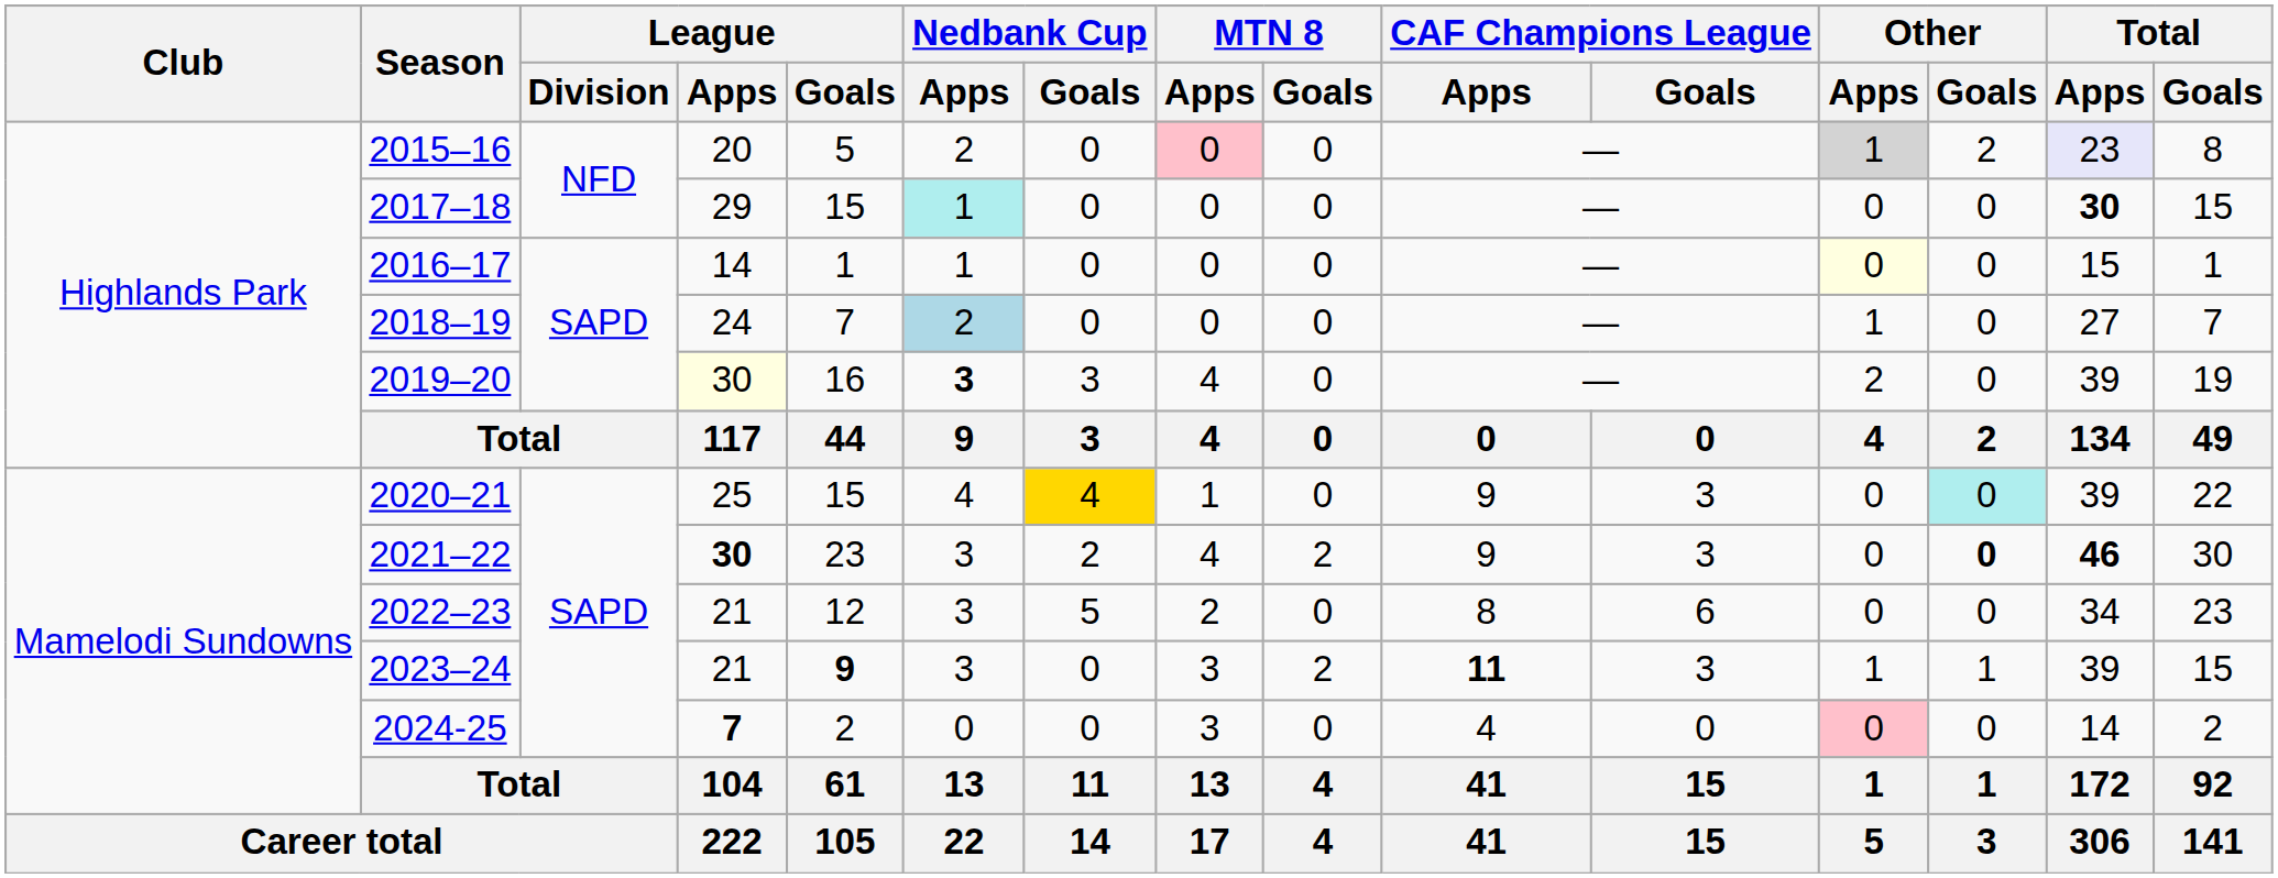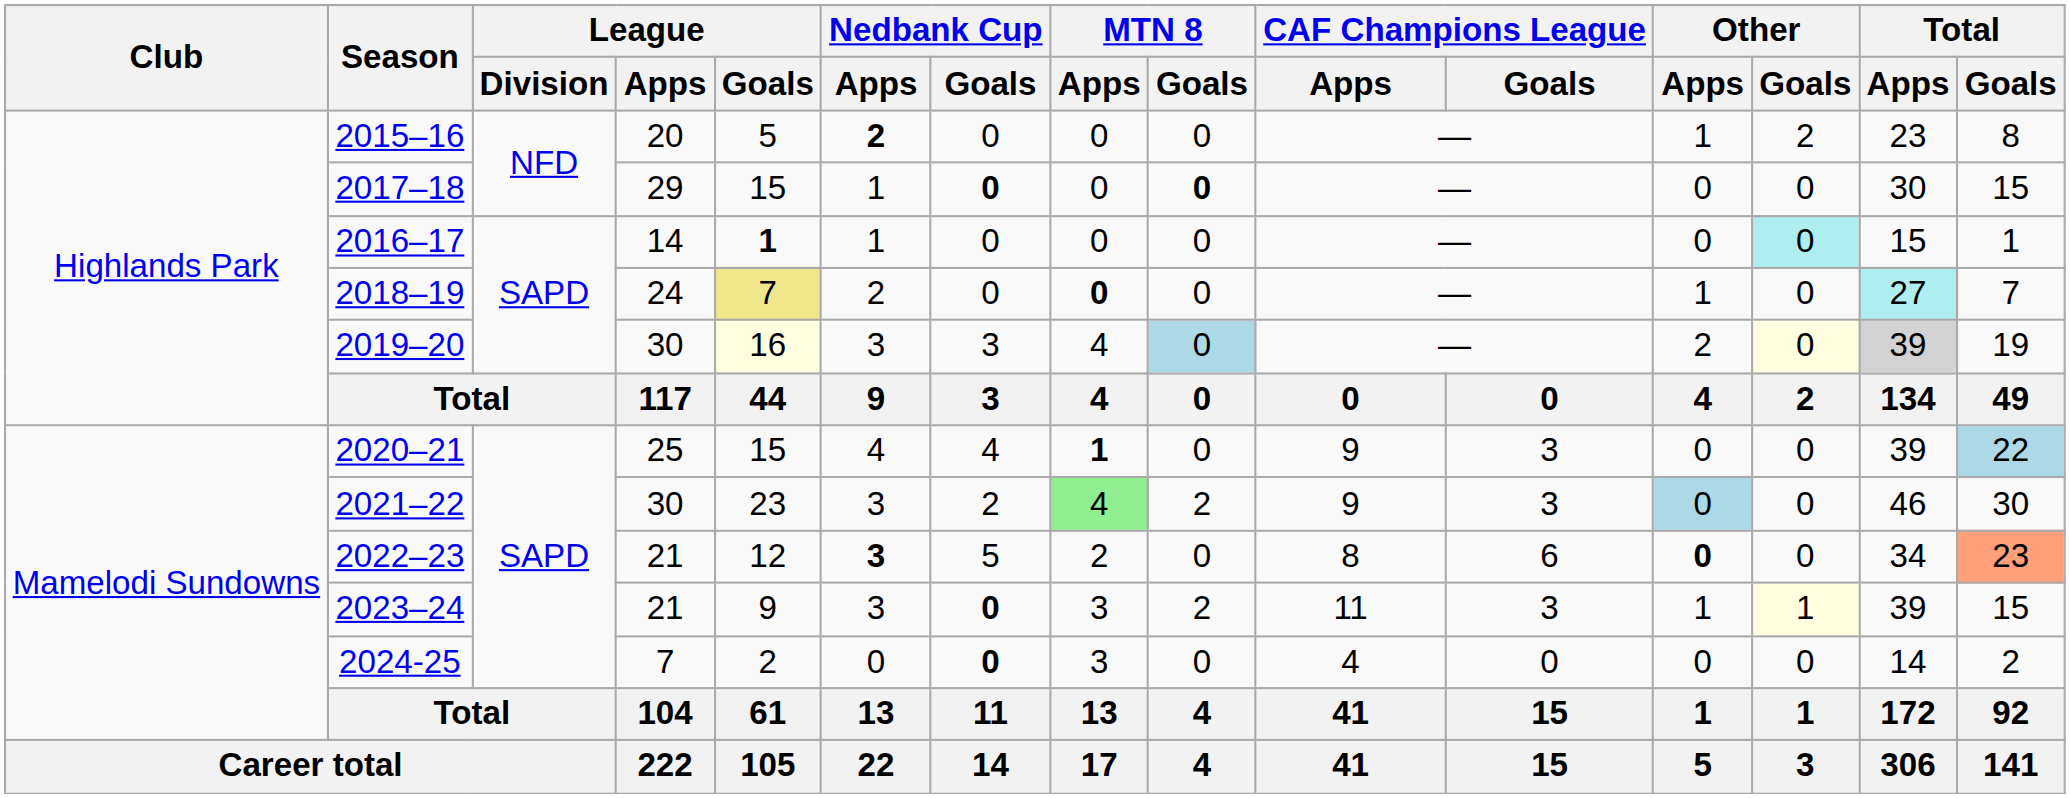 <table class="wikitable" style="text-align:center">
 <tr>
 <th rowspan="2">Club</th>
 <th rowspan="2">Season</th>
 <th colspan="3">League</th>
 <th colspan="2"><a href='#'>Nedbank Cup</a></th>
 <th colspan="2"><a href='#'>MTN 8</a></th>
 <th colspan="2"><a href='#'>CAF Champions League</a></th>
 <th colspan="2">Other</th>
 <th colspan="2">Total</th>
 </tr>
 <tr>
 <th>Division</th>
 <th>Apps</th>
 <th>Goals</th>
 <th>Apps</th>
 <th>Goals</th>
 <th>Apps</th>
 <th>Goals</th>
 <th>Apps</th>
 <th>Goals</th>
 <th>Apps</th>
 <th>Goals</th>
 <th>Apps</th>
 <th>Goals</th>
 </tr>
 <tr>
 <td rowspan="6"><a href='#'>Highlands Park</a></td>
 <td><a href='#'>2015–16</a></td>
 <td rowspan="2"><a href='#'>NFD</a></td>
 <td>20</td>
 <td>5</td>
-<td>2</td>
+<td><strong>2</strong></td>
 <td>0</td>
-<td style="background: pink;">0</td>
+<td>0</td>
 <td>0</td>
 <td colspan="2">—</td>
-<td style="background: lightgrey;">1</td>
+<td>1</td>
 <td>2</td>
-<td style="background: lavender;">23</td>
+<td>23</td>
 <td>8</td>
 </tr>
 <tr>
 <td><a href='#'>2017–18</a></td>
 <td>29</td>
 <td>15</td>
-<td style="background: paleturquoise;">1</td>
+<td>1</td>
+<td><strong>0</strong></td>
 <td>0</td>
-<td>0</td>
-<td>0</td>
+<td><strong>0</strong></td>
 <td colspan="2">—</td>
 <td>0</td>
 <td>0</td>
-<td><strong>30</strong></td>
+<td>30</td>
 <td>15</td>
 </tr>
 <tr>
 <td><a href='#'>2016–17</a></td>
 <td rowspan="3"><a href='#'>SAPD</a></td>
 <td>14</td>
-<td>1</td>
+<td><strong>1</strong></td>
 <td>1</td>
 <td>0</td>
 <td>0</td>
 <td>0</td>
 <td colspan="2">—</td>
-<td style="background: lightyellow;">0</td>
 <td>0</td>
+<td style="background: paleturquoise;">0</td>
 <td>15</td>
 <td>1</td>
 </tr>
 <tr>
 <td><a href='#'>2018–19</a></td>
 <td>24</td>
-<td>7</td>
-<td style="background: lightblue;">2</td>
+<td style="background: khaki;">7</td>
+<td>2</td>
 <td>0</td>
-<td>0</td>
+<td><strong>0</strong></td>
 <td>0</td>
 <td colspan="2">—</td>
 <td>1</td>
 <td>0</td>
-<td>27</td>
+<td style="background: paleturquoise;">27</td>
 <td>7</td>
 </tr>
 <tr>
 <td><a href='#'>2019–20</a></td>
-<td style="background: lightyellow;">30</td>
-<td>16</td>
-<td><strong>3</strong></td>
+<td>30</td>
+<td style="background: lightyellow;">16</td>
+<td>3</td>
 <td>3</td>
 <td>4</td>
-<td>0</td>
+<td style="background: lightblue;">0</td>
 <td colspan="2">—</td>
 <td>2</td>
-<td>0</td>
-<td>39</td>
+<td style="background: lightyellow;">0</td>
+<td style="background: lightgrey;">39</td>
 <td>19</td>
 </tr>
 <tr>
 <th colspan="2">Total</th>
 <th>117</th>
 <th>44</th>
 <th>9</th>
 <th>3</th>
 <th>4</th>
 <th>0</th>
 <th>0</th>
 <th>0</th>
 <th>4</th>
 <th>2</th>
 <th>134</th>
 <th>49</th>
 </tr>
 <tr>
 <td rowspan="6"><a href='#'>Mamelodi Sundowns</a></td>
 <td><a href='#'>2020–21</a></td>
 <td rowspan="5"><a href='#'>SAPD</a></td>
 <td>25</td>
 <td>15</td>
 <td>4</td>
-<td style="background: gold;">4</td>
-<td>1</td>
+<td>4</td>
+<td><strong>1</strong></td>
 <td>0</td>
 <td>9</td>
 <td>3</td>
 <td>0</td>
-<td style="background: paleturquoise;">0</td>
+<td>0</td>
 <td>39</td>
-<td>22</td>
+<td style="background: lightblue;">22</td>
 </tr>
 <tr>
 <td><a href='#'>2021–22</a></td>
-<td><strong>30</strong></td>
+<td>30</td>
 <td>23</td>
 <td>3</td>
 <td>2</td>
-<td>4</td>
+<td style="background: lightgreen;">4</td>
 <td>2</td>
 <td>9</td>
 <td>3</td>
+<td style="background: lightblue;">0</td>
 <td>0</td>
-<td><strong>0</strong></td>
-<td><strong>46</strong></td>
+<td>46</td>
 <td>30</td>
 </tr>
 <tr>
 <td><a href='#'>2022–23</a></td>
 <td>21</td>
 <td>12</td>
-<td>3</td>
+<td><strong>3</strong></td>
 <td>5</td>
 <td>2</td>
 <td>0</td>
 <td>8</td>
 <td>6</td>
-<td>0</td>
+<td><strong>0</strong></td>
 <td>0</td>
 <td>34</td>
-<td>23</td>
+<td style="background: lightsalmon;">23</td>
 </tr>
 <tr>
 <td><a href='#'>2023–24</a></td>
 <td>21</td>
-<td><strong>9</strong></td>
+<td>9</td>
 <td>3</td>
-<td>0</td>
+<td><strong>0</strong></td>
 <td>3</td>
 <td>2</td>
-<td><strong>11</strong></td>
+<td>11</td>
 <td>3</td>
 <td>1</td>
-<td>1</td>
+<td style="background: lightyellow;">1</td>
 <td>39</td>
 <td>15</td>
 </tr>
 <tr>
 <td><a href='#'>2024-25</a></td>
-<td><strong>7</strong></td>
+<td>7</td>
 <td>2</td>
 <td>0</td>
-<td>0</td>
+<td><strong>0</strong></td>
 <td>3</td>
 <td>0</td>
 <td>4</td>
 <td>0</td>
-<td style="background: pink;">0</td>
+<td>0</td>
 <td>0</td>
 <td>14</td>
 <td>2</td>
 </tr>
 <tr>
 <th colspan="2">Total</th>
 <th>104</th>
 <th>61</th>
 <th>13</th>
 <th>11</th>
 <th>13</th>
 <th>4</th>
 <th>41</th>
 <th>15</th>
 <th>1</th>
 <th>1</th>
 <th>172</th>
 <th>92</th>
 </tr>
 <tr>
 <th colspan="3">Career total</th>
 <th>222</th>
 <th>105</th>
 <th>22</th>
 <th>14</th>
 <th>17</th>
 <th>4</th>
 <th>41</th>
 <th>15</th>
 <th>5</th>
 <th>3</th>
 <th>306</th>
 <th>141</th>
 </tr>
 </table>
